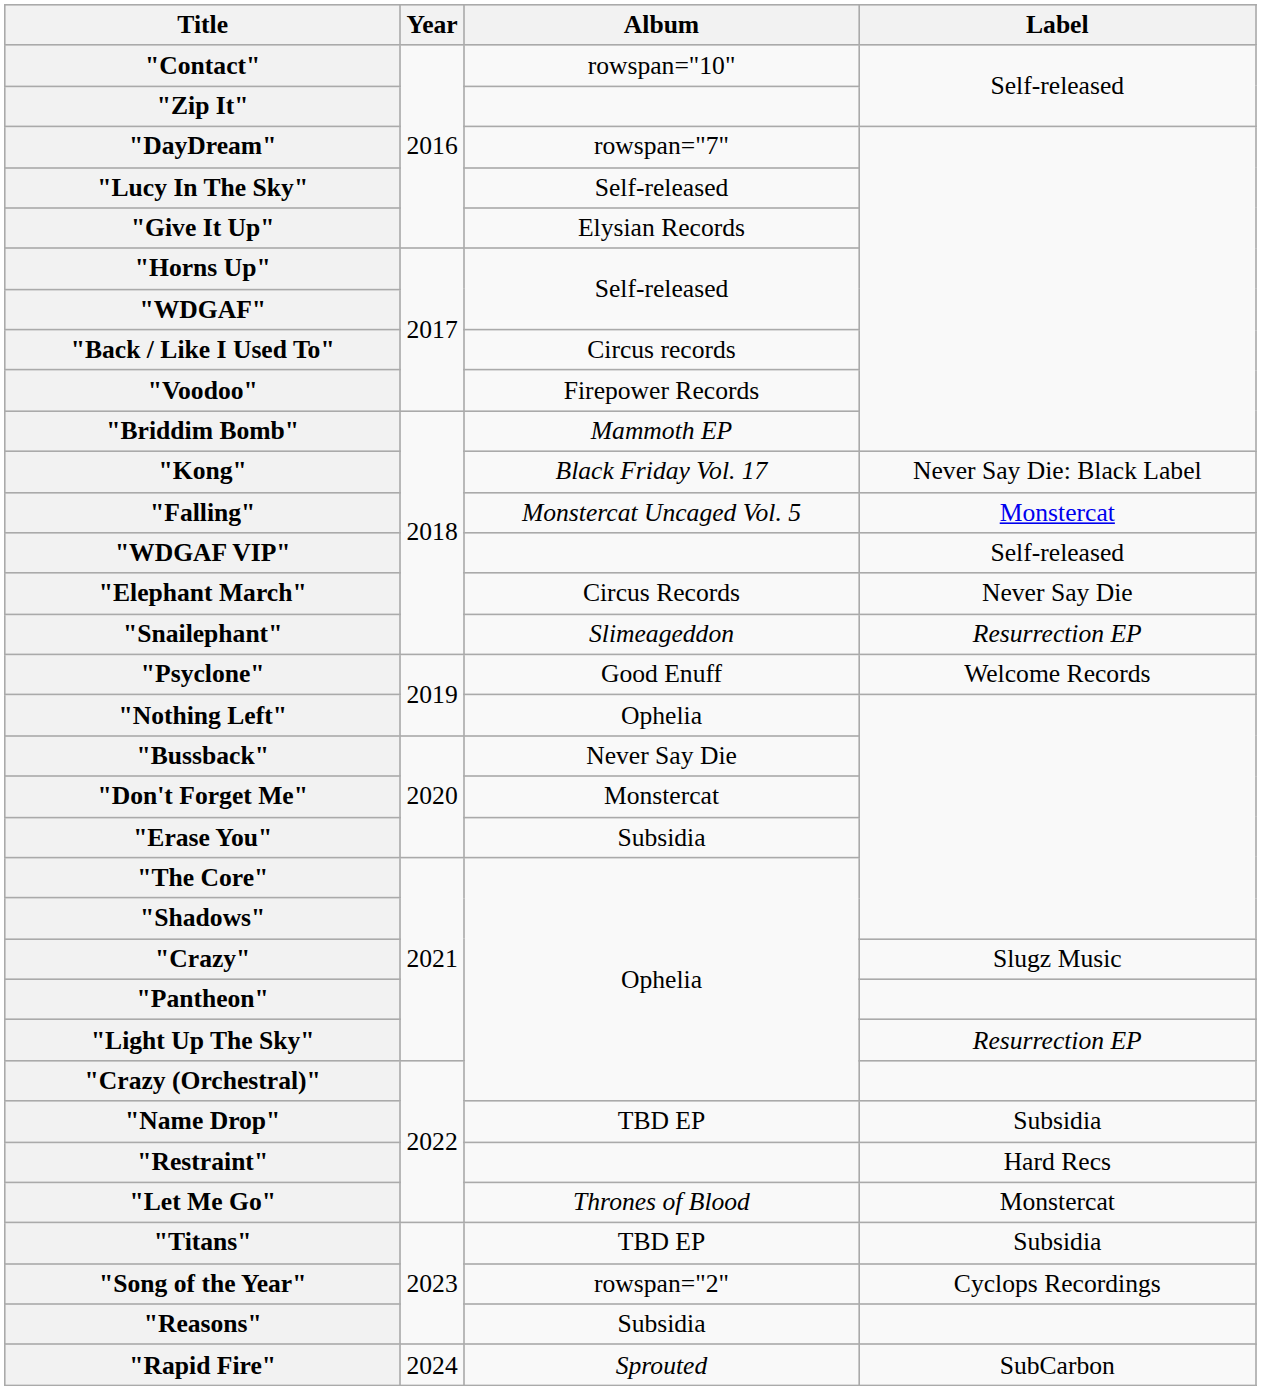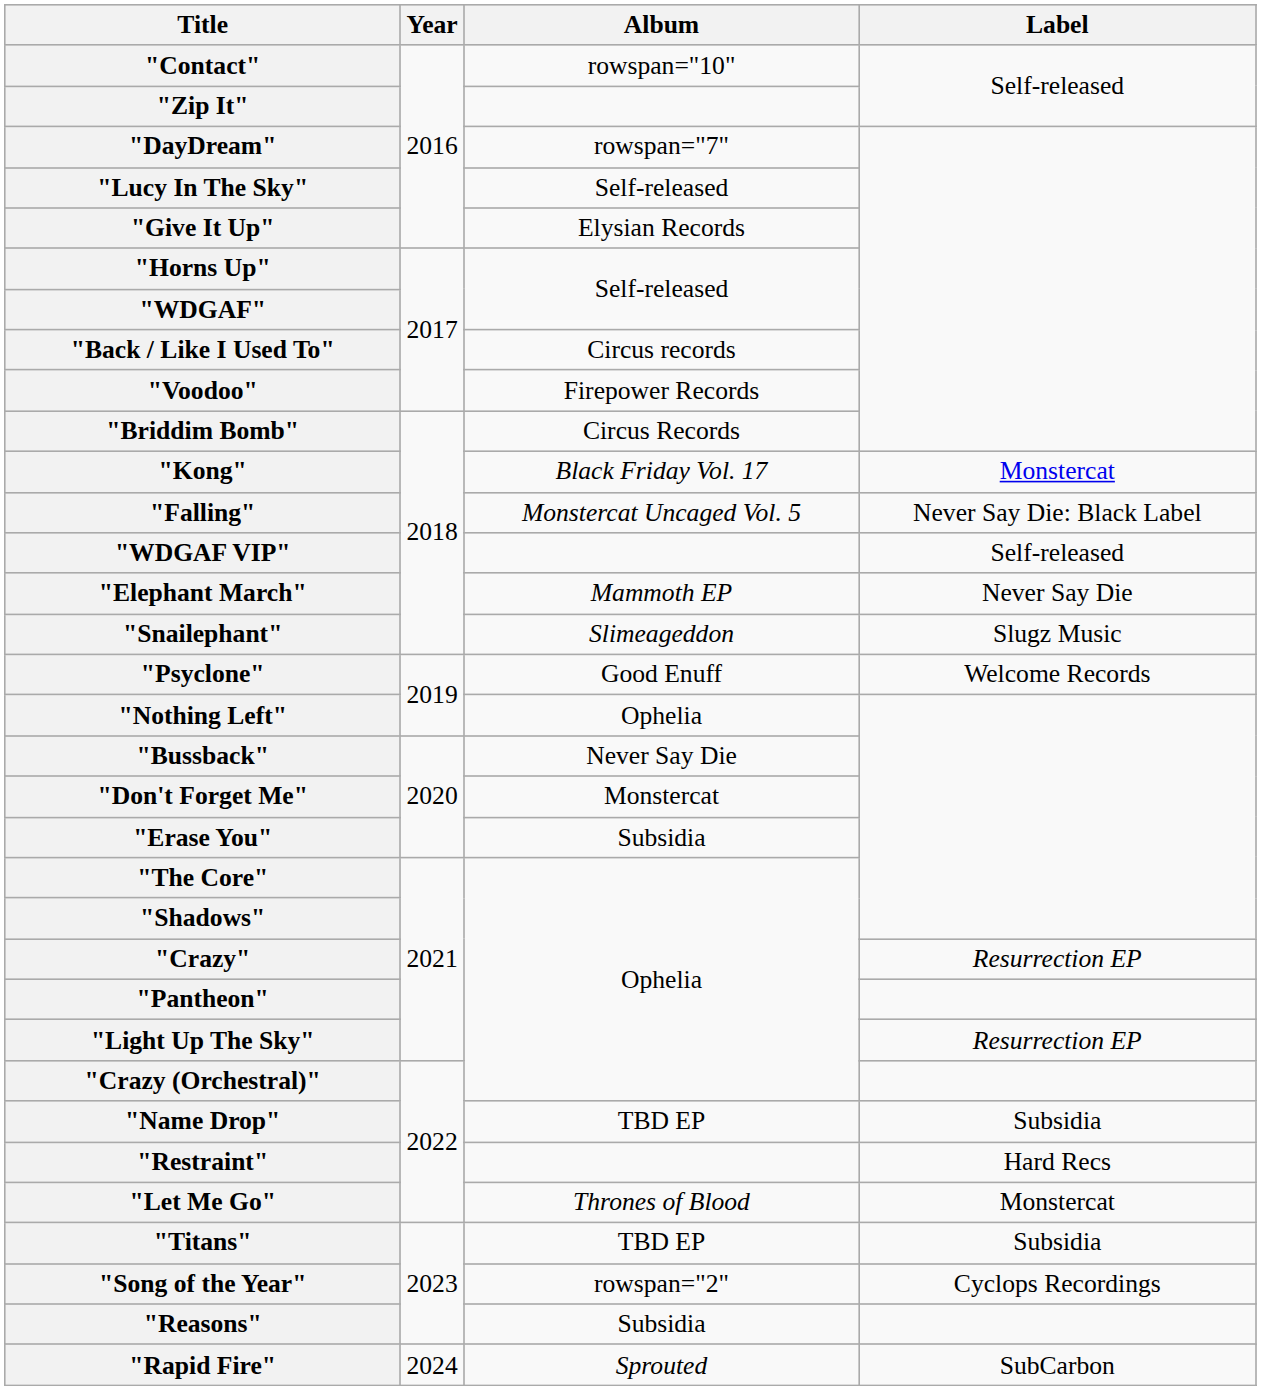 <table class="wikitable plainrowheaders" style="text-align:center;">
 <tr>
 <th rowspan="1" style="width:15em;">Title</th>
 <th rowspan="1">Year</th>
 <th rowspan="1" style="width:15em;">Album</th>
 <th rowspan="1" style="width:15em;">Label</th>
 </tr>
 <tr>
 <th scope="row">"Contact" </th>
 <td rowspan="5">2016</td>
 <td>rowspan="10" </td>
 <td rowspan="2">Self-released</td>
 </tr>
 <tr>
 <th scope="row">"Zip It" </th>
 </tr>
 <tr>
 <th scope="row">"DayDream" </th>
 <td>rowspan="7" </td>
 </tr>
 <tr>
 <th scope="row">"Lucy In The Sky" </th>
 <td>Self-released</td>
 </tr>
 <tr>
 <th scope="row">"Give It Up" </th>
 <td>Elysian Records</td>
 </tr>
 <tr>
 <th scope="row">"Horns Up" </th>
 <td rowspan="4">2017</td>
 <td rowspan="2">Self-released</td>
 </tr>
 <tr>
 <th scope="row">"WDGAF" </th>
 </tr>
 <tr>
 <th scope="row">"Back / Like I Used To" </th>
 <td>Circus records</td>
 </tr>
 <tr>
 <th scope="row">"Voodoo" </th>
 <td>Firepower Records</td>
 </tr>
 <tr>
 <th scope="row">"Briddim Bomb" </th>
 <td rowspan="6">2018</td>
-<td><em>Mammoth EP</em></td>
+<td>Circus Records</td>
 </tr>
 <tr>
 <th scope="row">"Kong" </th>
 <td><em>Black Friday Vol. 17</em></td>
-<td>Never Say Die: Black Label</td>
+<td><a href='#'>Monstercat</a></td>
 </tr>
 <tr>
 <th scope="row">"Falling" </th>
 <td><em>Monstercat Uncaged Vol. 5</em></td>
-<td><a href='#'>Monstercat</a></td>
+<td>Never Say Die: Black Label</td>
 </tr>
 <tr>
 <th scope="row">"WDGAF VIP" </th>
 <td></td>
 <td>Self-released</td>
 </tr>
 <tr>
 <th scope="row">"Elephant March" </th>
-<td>Circus Records</td>
+<td><em>Mammoth EP</em></td>
 <td>Never Say Die</td>
 </tr>
 <tr>
 <th scope="row">"Snailephant" </th>
 <td><em>Slimeageddon</em></td>
-<td><em>Resurrection EP</em></td>
+<td>Slugz Music</td>
 </tr>
 <tr>
 <th scope="row">"Psyclone"</th>
 <td rowspan="2">2019</td>
 <td>Good Enuff</td>
 <td>Welcome Records</td>
 </tr>
 <tr>
 <th scope="row">"Nothing Left" </th>
 <td>Ophelia</td>
 </tr>
 <tr>
 <th scope="row">"Bussback" </th>
 <td rowspan="3">2020</td>
 <td>Never Say Die</td>
 </tr>
 <tr>
 <th scope="row">"Don't Forget Me" </th>
 <td>Monstercat</td>
 </tr>
 <tr>
 <th scope="row">"Erase You" </th>
 <td>Subsidia</td>
 </tr>
 <tr>
 <th scope="row">"The Core"</th>
 <td rowspan="5">2021</td>
 <td rowspan="6">Ophelia</td>
 </tr>
 <tr>
 <th scope="row">"Shadows" </th>
 </tr>
 <tr>
 <th scope="row">"Crazy" </th>
-<td>Slugz Music</td>
+<td><em>Resurrection EP</em></td>
 </tr>
 <tr>
 <th scope="row">"Pantheon" </th>
 <td></td>
 </tr>
 <tr>
 <th scope="row">"Light Up The Sky" </th>
 <td><em>Resurrection EP</em></td>
 </tr>
 <tr>
 <th scope="row">"Crazy (Orchestral)" </th>
 <td rowspan="4">2022</td>
 <td></td>
 </tr>
 <tr>
 <th scope="row">"Name Drop" </th>
 <td>TBD EP</td>
 <td>Subsidia</td>
 </tr>
 <tr>
 <th scope="row">"Restraint" </th>
 <td></td>
 <td>Hard Recs</td>
 </tr>
 <tr>
 <th scope="row">"Let Me Go" </th>
 <td><em>Thrones of Blood</em></td>
 <td>Monstercat</td>
 </tr>
 <tr>
 <th scope="row">"Titans" </th>
 <td rowspan="3">2023</td>
 <td>TBD EP</td>
 <td>Subsidia</td>
 </tr>
 <tr>
 <th scope="row">"Song of the Year" </th>
 <td>rowspan="2" </td>
 <td>Cyclops Recordings</td>
 </tr>
 <tr>
 <th scope="row">"Reasons" </th>
 <td>Subsidia</td>
 </tr>
 <tr>
 <th scope="row">"Rapid Fire" </th>
 <td rowspan="1">2024</td>
 <td><em>Sprouted</em></td>
 <td>SubCarbon</td>
 </tr>
 <tr>
 </tr>
 </table>
